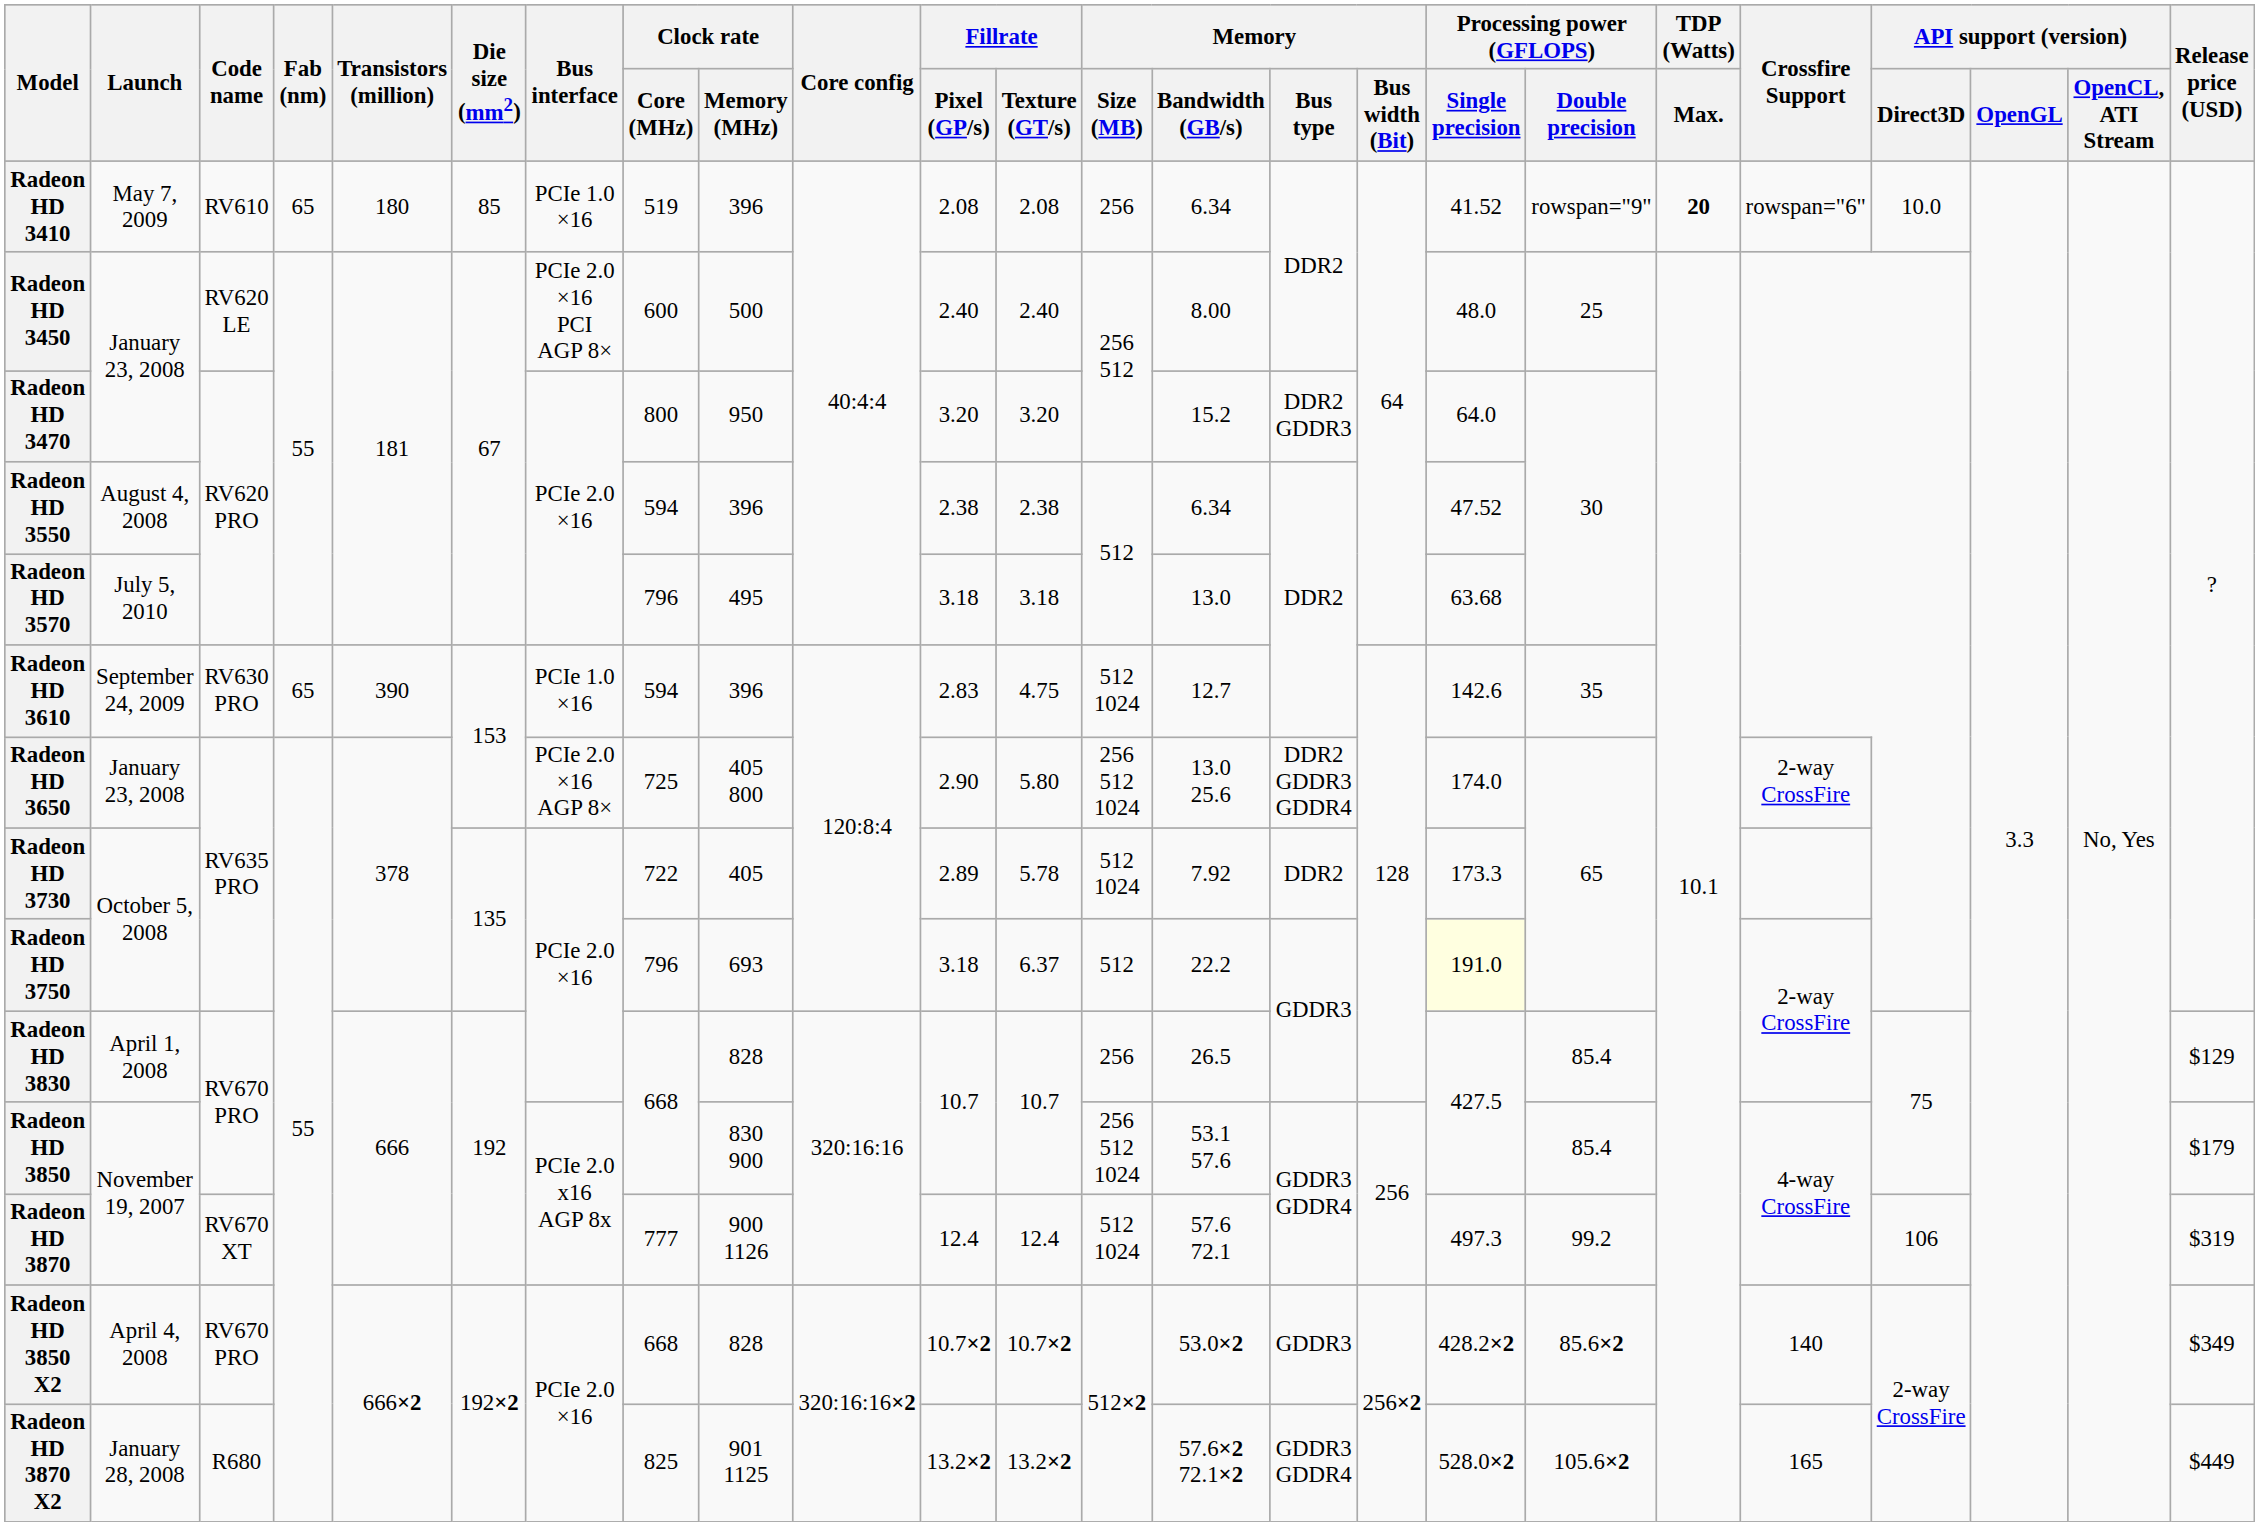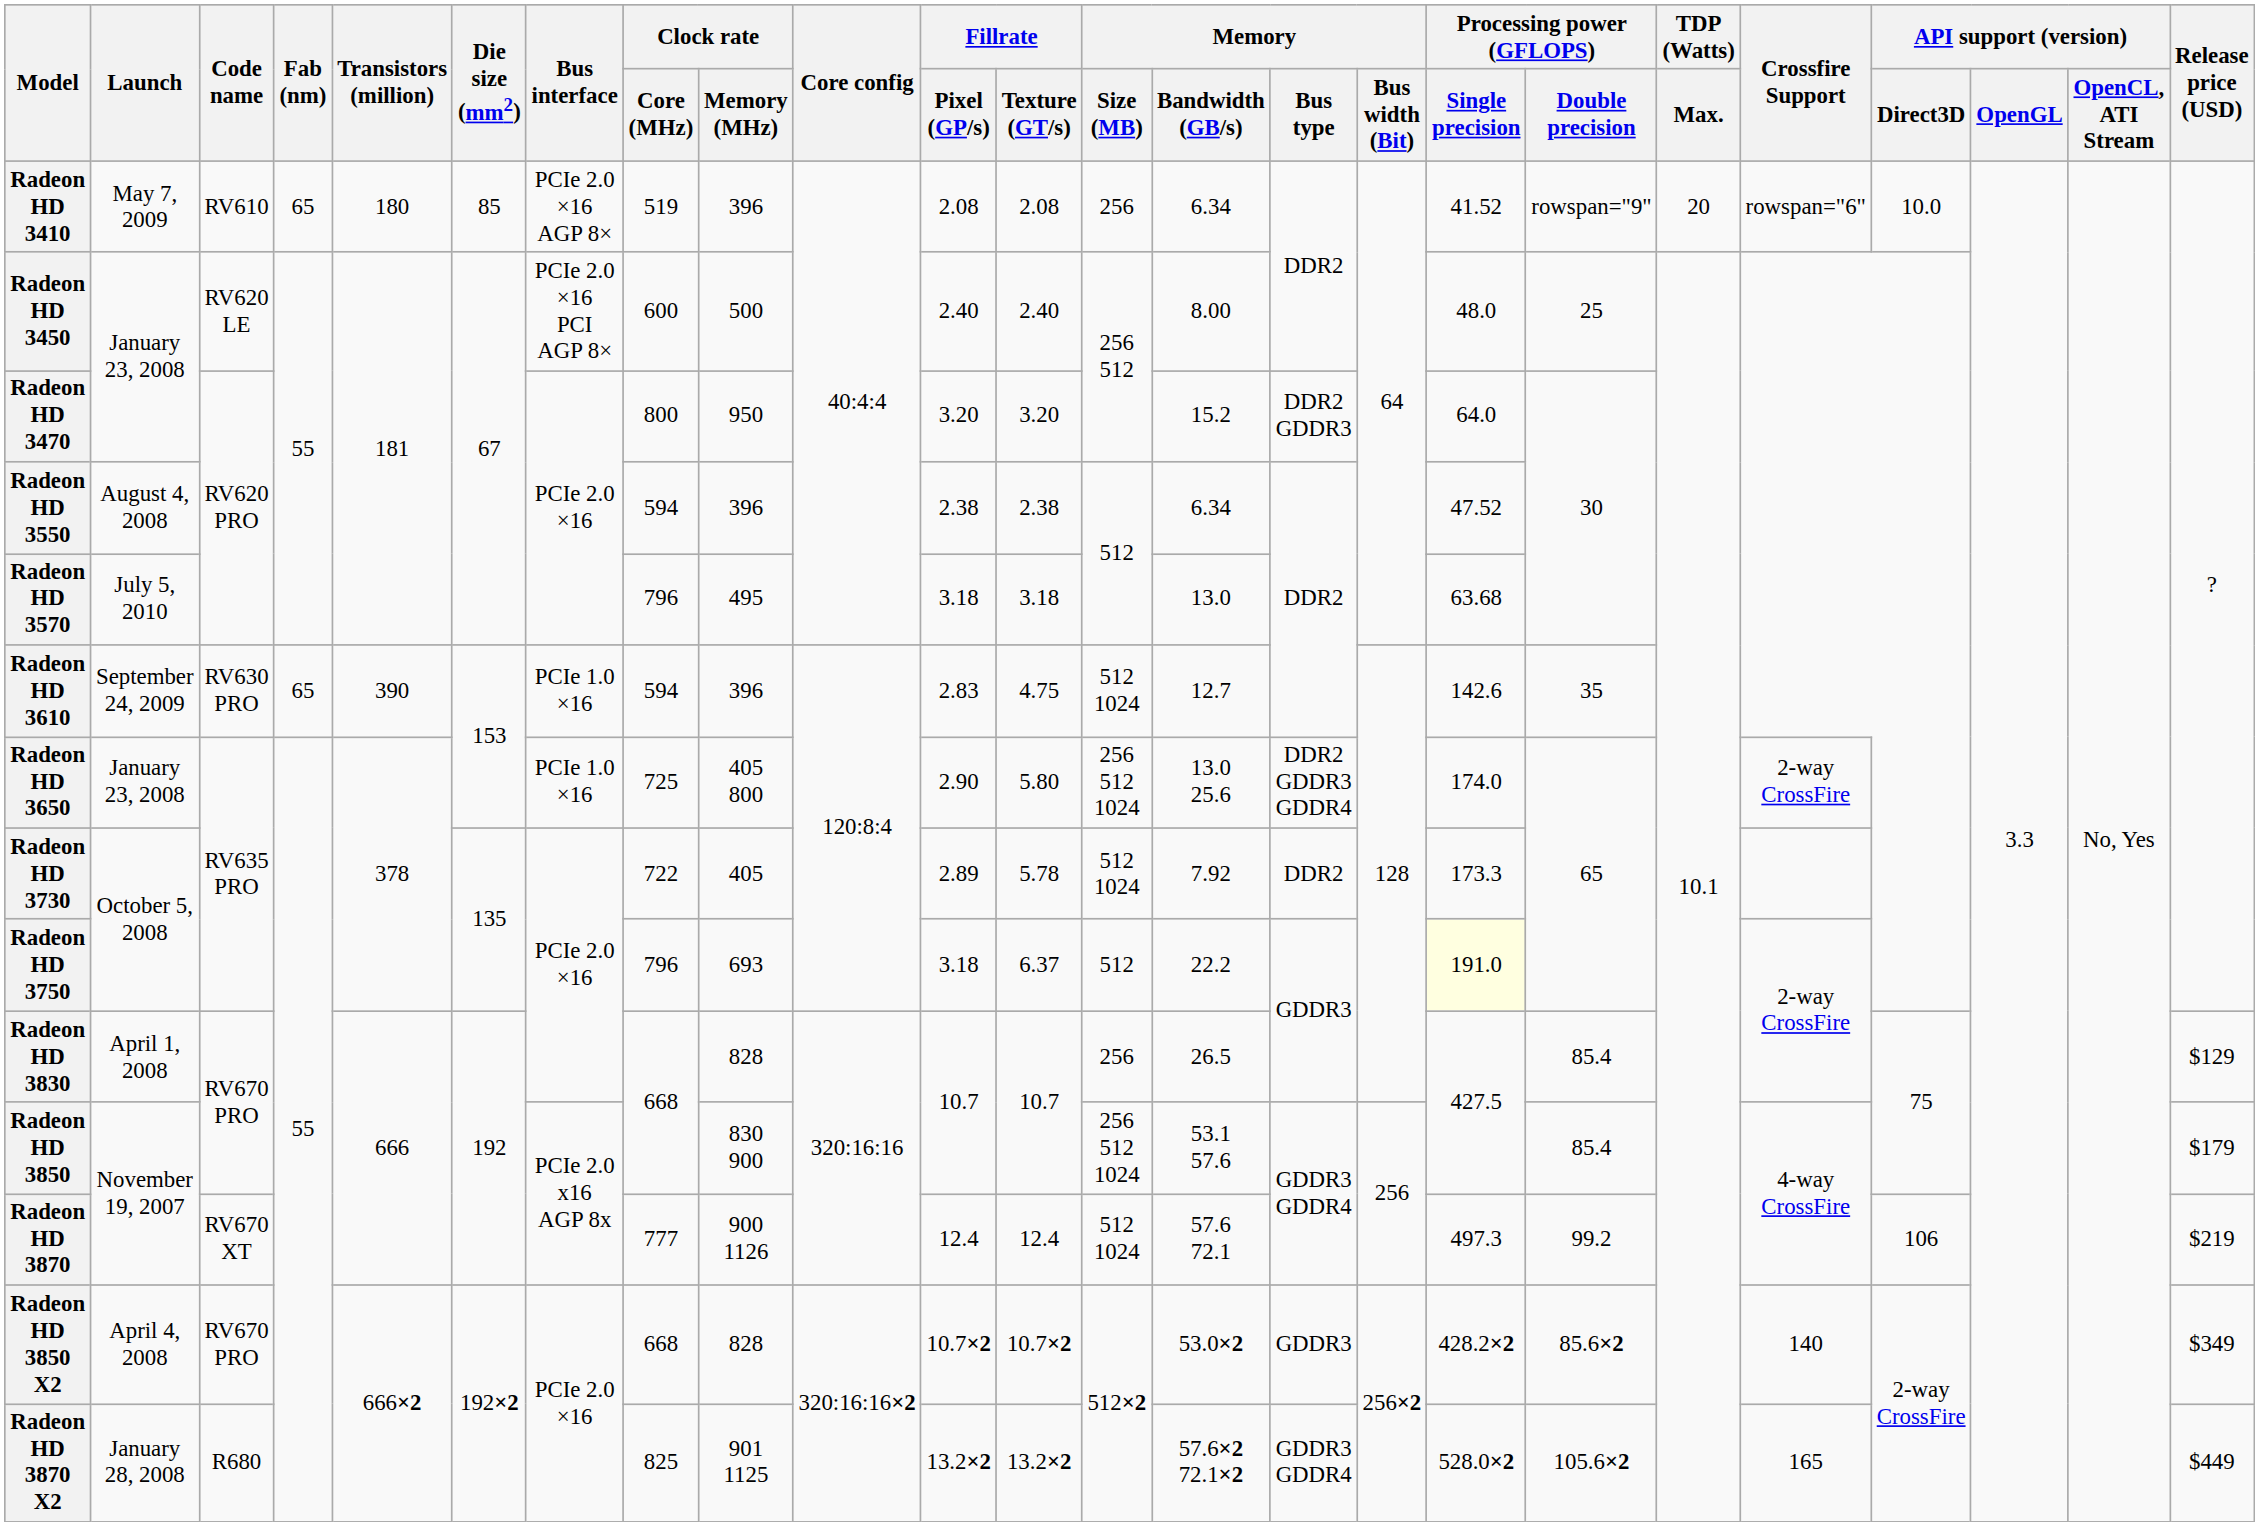 <table class="mw-datatable wikitable sortable sort-under" style="font-size:85%; text-align:center;">
 <tr>
 <th rowspan="2">Model</th>
 <th rowspan="2">Launch</th>
 <th rowspan="2">Code name</th>
 <th rowspan="2">Fab (nm)</th>
 <th rowspan="2">Transistors (million)</th>
 <th rowspan="2">Die size (<a href='#'>mm<sup>2</sup></a>)</th>
 <th rowspan="2">Bus interface</th>
 <th colspan="2">Clock rate</th>
 <th rowspan="2">Core config</th>
 <th colspan="2"><a href='#'>Fillrate</a></th>
 <th colspan="4">Memory</th>
 <th colspan="2">Processing power<br>(<a href='#'>GFLOPS</a>)</th>
 <th>TDP (Watts)</th>
 <th rowspan="2">Crossfire Support</th>
 <th colspan="3"><a href='#'>API</a> support (version)</th>
 <th rowspan="2">Release price (USD)</th>
 </tr>
 <tr>
 <th>Core (MHz)</th>
 <th>Memory (MHz)</th>
 <th>Pixel (<a href='#'>GP</a>/s)</th>
 <th>Texture (<a href='#'>GT</a>/s)</th>
 <th>Size (<a href='#'>MB</a>)</th>
 <th>Bandwidth (<a href='#'>GB</a>/s)</th>
 <th>Bus type</th>
 <th>Bus width (<a href='#'>Bit</a>)</th>
 <th><a href='#'>Single precision</a></th>
 <th><a href='#'>Double precision</a></th>
 <th>Max.</th>
 <th>Direct3D</th>
 <th><a href='#'>OpenGL</a></th>
 <th><a href='#'>OpenCL</a>, ATI Stream</th>
 </tr>
 <tr>
 <th>Radeon HD 3410</th>
 <td>May 7, 2009</td>
 <td>RV610</td>
 <td>65</td>
 <td>180</td>
 <td>85</td>
-<td>PCIe 1.0 ×16</td>
+<td>PCIe 2.0 ×16<br>AGP 8×</td>
 <td>519</td>
 <td>396</td>
 <td rowspan="5">40:4:4</td>
 <td>2.08</td>
 <td>2.08</td>
 <td>256</td>
 <td>6.34</td>
 <td rowspan="2">DDR2</td>
 <td rowspan="5">64</td>
 <td>41.52</td>
 <td>rowspan="9" </td>
-<td><strong>20</strong></td>
+<td>20</td>
 <td>rowspan="6" </td>
 <td>10.0</td>
 <td rowspan="14">3.3</td>
 <td rowspan="14">No, Yes</td>
 <td rowspan="9">?</td>
 </tr>
 <tr>
 <th>Radeon HD 3450</th>
 <td rowspan="2">January 23, 2008</td>
 <td>RV620 LE</td>
 <td rowspan="4">55</td>
 <td rowspan="4">181</td>
 <td rowspan="4">67</td>
 <td>PCIe 2.0 ×16<br>PCI<br>AGP 8×</td>
 <td>600</td>
 <td>500</td>
 <td>2.40</td>
 <td>2.40</td>
 <td rowspan="2">256<br>512</td>
 <td>8.00</td>
 <td>48.0</td>
 <td>25</td>
 <td rowspan="13">10.1</td>
 </tr>
 <tr>
 <th>Radeon HD 3470</th>
 <td rowspan="3">RV620 PRO</td>
 <td rowspan="3">PCIe 2.0 ×16</td>
 <td>800</td>
 <td>950</td>
 <td>3.20</td>
 <td>3.20</td>
 <td>15.2</td>
 <td>DDR2<br>GDDR3</td>
 <td>64.0</td>
 <td rowspan="3">30</td>
 </tr>
 <tr>
 <th>Radeon HD 3550</th>
 <td>August 4, 2008</td>
 <td>594</td>
 <td>396</td>
 <td>2.38</td>
 <td>2.38</td>
 <td rowspan="2">512</td>
 <td>6.34</td>
 <td rowspan="3">DDR2</td>
 <td>47.52</td>
 </tr>
 <tr>
 <th>Radeon HD 3570</th>
 <td>July 5, 2010</td>
 <td>796</td>
 <td>495</td>
 <td>3.18</td>
 <td>3.18</td>
 <td>13.0</td>
 <td>63.68</td>
 </tr>
 <tr>
 <th>Radeon HD 3610</th>
 <td>September 24, 2009</td>
 <td>RV630 PRO</td>
 <td>65</td>
 <td>390</td>
 <td rowspan="2">153</td>
 <td>PCIe 1.0 ×16</td>
 <td>594</td>
 <td>396</td>
 <td rowspan="4">120:8:4</td>
 <td>2.83</td>
 <td>4.75</td>
 <td>512<br>1024</td>
 <td>12.7</td>
 <td rowspan="5">128</td>
 <td>142.6</td>
 <td>35</td>
 </tr>
 <tr>
 <th>Radeon HD 3650</th>
 <td>January 23, 2008</td>
 <td rowspan="3">RV635 PRO</td>
 <td rowspan="8">55</td>
 <td rowspan="3">378</td>
-<td>PCIe 2.0 ×16<br>AGP 8×</td>
+<td>PCIe 1.0 ×16</td>
 <td>725</td>
 <td>405<br>800</td>
 <td>2.90</td>
 <td>5.80</td>
 <td>256<br>512<br>1024</td>
 <td>13.0<br>25.6</td>
 <td>DDR2<br>GDDR3<br>GDDR4</td>
 <td>174.0</td>
 <td rowspan="3">65</td>
 <td rowspan="1">2-way <a href='#'>CrossFire</a></td>
 </tr>
 <tr>
 <th>Radeon HD 3730</th>
 <td rowspan="2">October 5, 2008</td>
 <td rowspan="2">135</td>
 <td rowspan="3">PCIe 2.0 ×16</td>
 <td>722</td>
 <td>405</td>
 <td>2.89</td>
 <td>5.78</td>
 <td>512<br>1024</td>
 <td>7.92</td>
 <td>DDR2</td>
 <td>173.3</td>
 <td></td>
 </tr>
 <tr>
 <th>Radeon HD 3750</th>
 <td>796</td>
 <td>693</td>
 <td>3.18</td>
 <td>6.37</td>
 <td>512</td>
 <td>22.2</td>
 <td rowspan="2">GDDR3</td>
 <td style="background: lightyellow;">191.0</td>
 <td rowspan="2">2-way <a href='#'>CrossFire</a></td>
 </tr>
 <tr>
 <th>Radeon HD 3830</th>
 <td>April 1, 2008</td>
 <td rowspan="2">RV670 PRO</td>
 <td rowspan="3">666</td>
 <td rowspan="3">192</td>
 <td rowspan="2">668</td>
 <td>828</td>
 <td rowspan="3">320:16:16</td>
 <td rowspan="2">10.7</td>
 <td rowspan="2">10.7</td>
 <td>256</td>
 <td>26.5</td>
 <td rowspan="2">427.5</td>
 <td>85.4</td>
 <td rowspan="2">75</td>
 <td>$129</td>
 </tr>
 <tr>
 <th>Radeon HD 3850</th>
 <td rowspan="2">November 19, 2007</td>
 <td rowspan="2">PCIe 2.0 x16<br>AGP 8x</td>
 <td>830<br>900</td>
 <td>256<br>512<br>1024</td>
 <td>53.1<br>57.6</td>
 <td rowspan="2">GDDR3<br>GDDR4</td>
 <td rowspan="2">256</td>
 <td>85.4</td>
 <td rowspan="2">4-way <a href='#'>CrossFire</a></td>
 <td>$179</td>
 </tr>
 <tr>
 <th>Radeon HD 3870</th>
 <td>RV670 XT</td>
 <td>777</td>
 <td>900<br>1126</td>
 <td>12.4</td>
 <td>12.4</td>
 <td>512<br>1024</td>
 <td>57.6<br>72.1</td>
 <td>497.3</td>
 <td>99.2</td>
 <td>106</td>
-<td>$319</td>
+<td>$219</td>
 </tr>
 <tr>
 <th>Radeon HD 3850 X2</th>
 <td>April 4, 2008</td>
 <td>RV670 PRO</td>
 <td rowspan="2">666<strong>×2</strong></td>
 <td rowspan="2">192<strong>×2</strong></td>
 <td rowspan="2">PCIe 2.0 ×16</td>
 <td>668</td>
 <td>828</td>
 <td rowspan="2">320:16:16<strong>×2</strong></td>
 <td>10.7<strong>×2</strong></td>
 <td>10.7<strong>×2</strong></td>
 <td rowspan="2">512<strong>×2</strong></td>
 <td>53.0<strong>×2</strong></td>
 <td>GDDR3</td>
 <td rowspan="2">256<strong>×2</strong></td>
 <td>428.2<strong>×2</strong></td>
 <td>85.6<strong>×2</strong></td>
 <td>140</td>
 <td rowspan="2">2-way <a href='#'>CrossFire</a></td>
 <td>$349</td>
 </tr>
 <tr>
 <th>Radeon HD 3870 X2</th>
 <td>January 28, 2008</td>
 <td>R680</td>
 <td>825</td>
 <td>901<br>1125</td>
 <td>13.2<strong>×2</strong></td>
 <td>13.2<strong>×2</strong></td>
 <td>57.6<strong>×2</strong><br>72.1<strong>×2</strong></td>
 <td>GDDR3<br>GDDR4</td>
 <td>528.0<strong>×2</strong></td>
 <td>105.6<strong>×2</strong></td>
 <td>165</td>
 <td>$449</td>
 </tr>
 </table>
